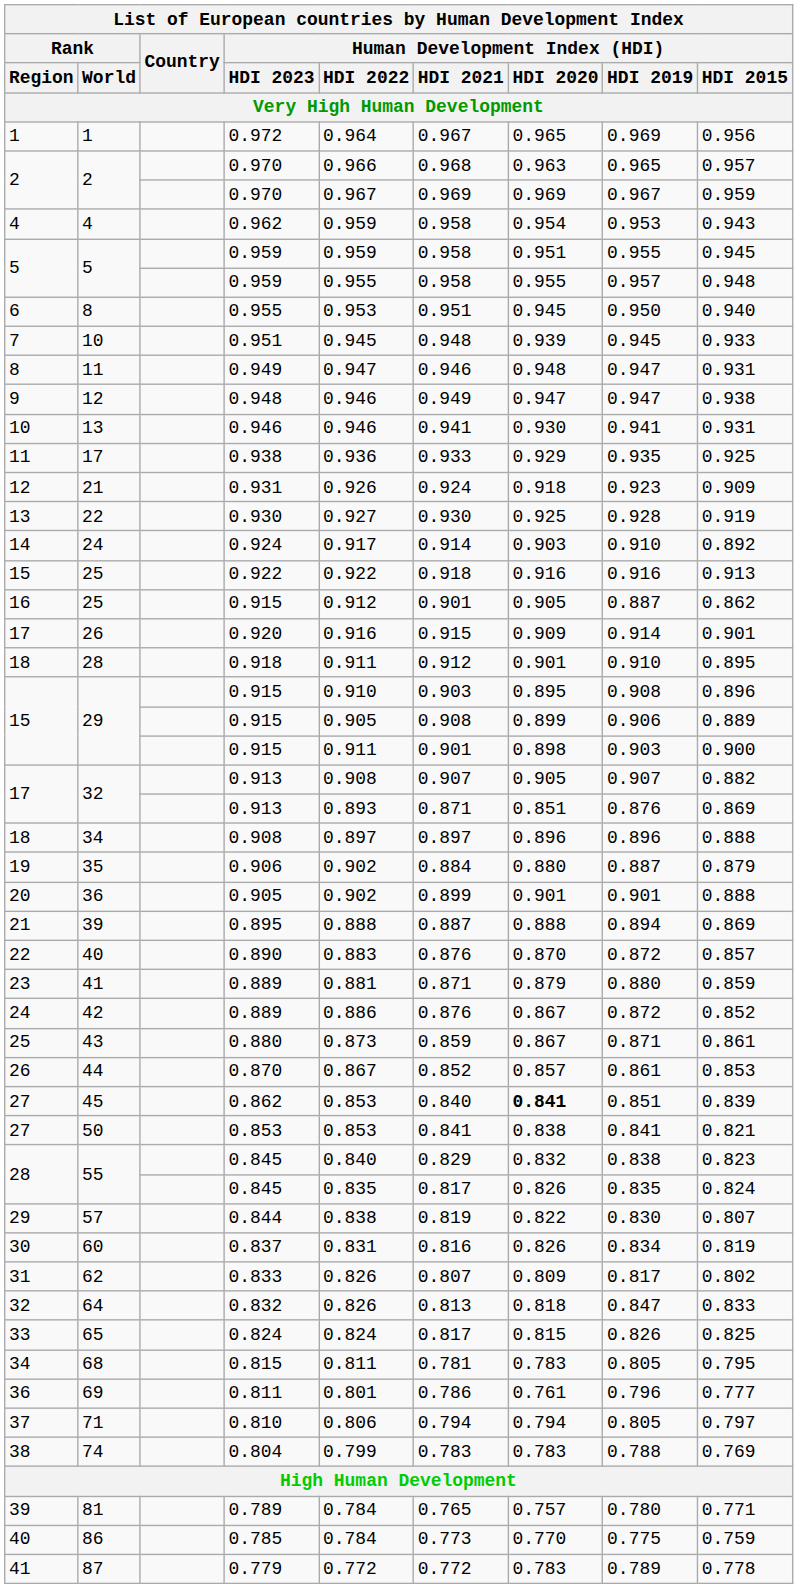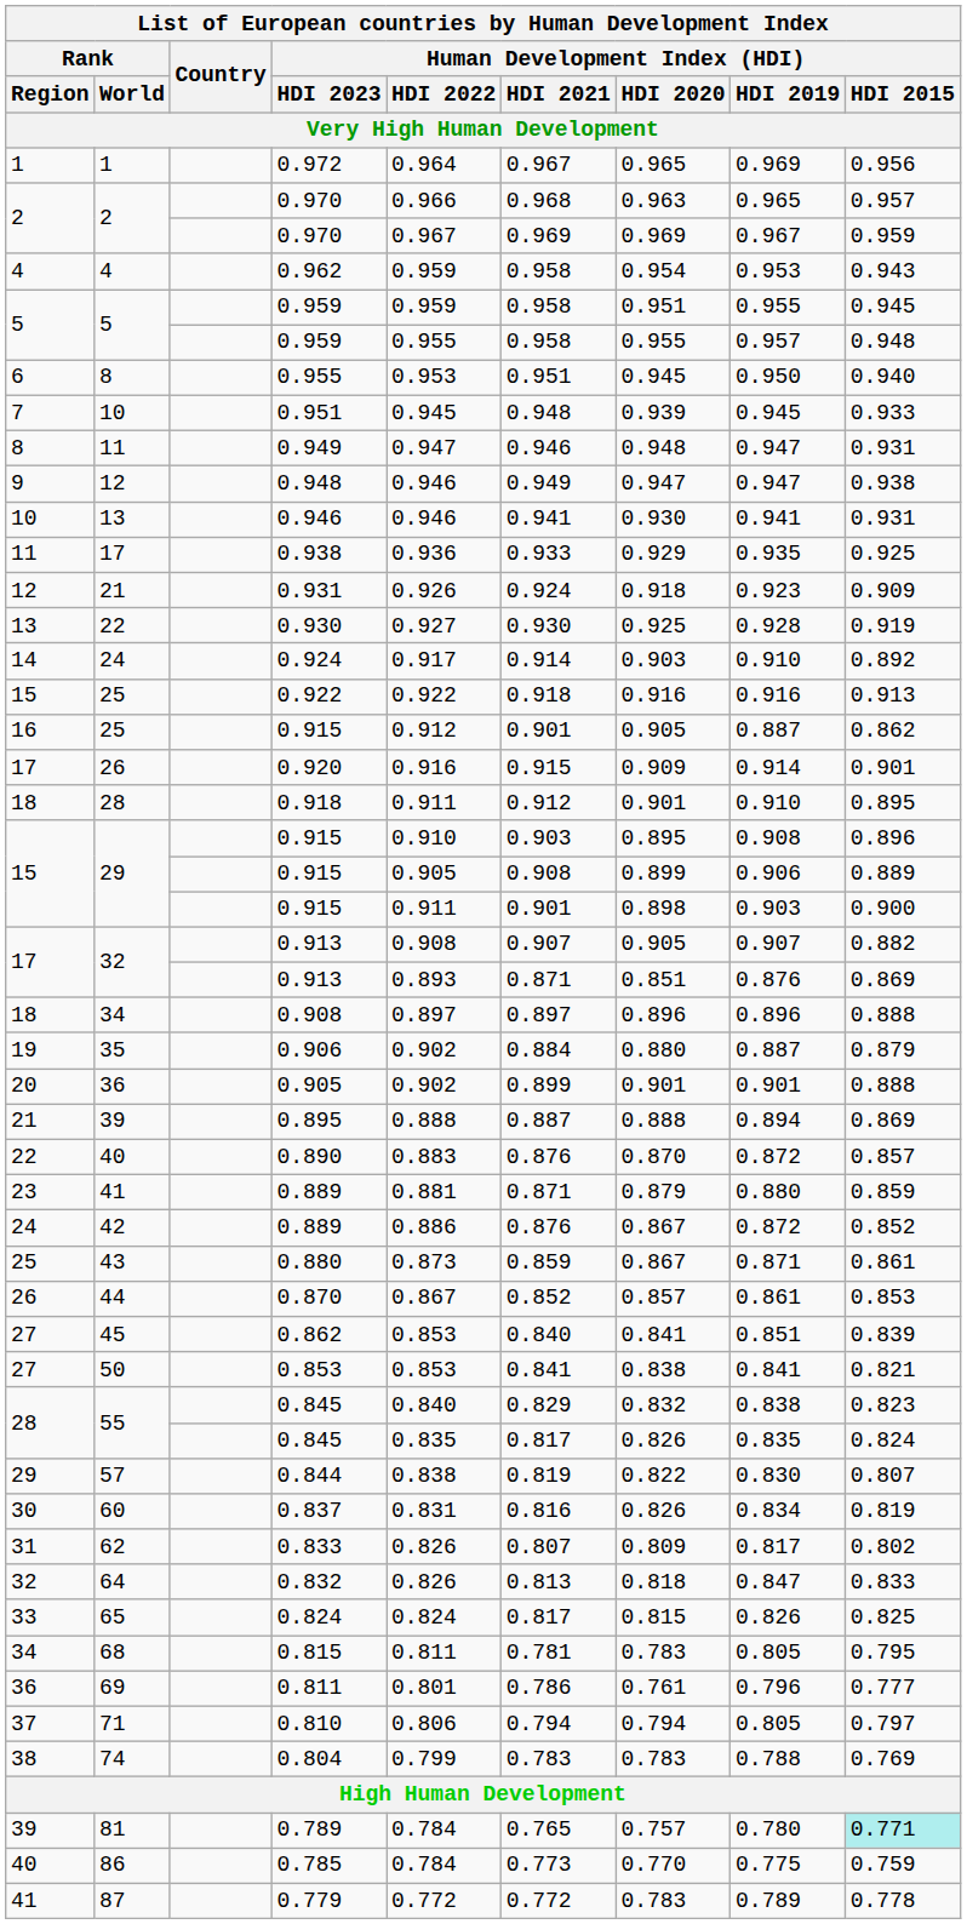 <table class="wikitable sortable">
 <tr>
 <th colspan="9">List of European countries by Human Development Index</th>
 </tr>
 <tr>
 <th colspan="2">Rank</th>
 <th rowspan="2">Country</th>
 <th colspan="6">Human Development  Index (HDI)</th>
 </tr>
 <tr>
 <th>Region</th>
 <th>World</th>
 <th>HDI 2023</th>
 <th>HDI 2022</th>
 <th>HDI 2021</th>
 <th>HDI 2020</th>
 <th>HDI 2019</th>
 <th>HDI 2015</th>
 </tr>
 <tr>
 <th colspan="9" style="color:#090;">Very High Human Development</th>
 </tr>
 <tr>
 <td>1</td>
 <td>1</td>
 <td></td>
 <td>0.972</td>
 <td>0.964</td>
 <td>0.967</td>
 <td>0.965</td>
 <td>0.969</td>
 <td>0.956</td>
 </tr>
 <tr>
 <td rowspan="2">2</td>
 <td rowspan="2">2</td>
 <td></td>
 <td>0.970</td>
 <td>0.966</td>
 <td>0.968</td>
 <td>0.963</td>
 <td>0.965</td>
 <td>0.957</td>
 </tr>
 <tr>
 <td></td>
 <td>0.970</td>
 <td>0.967</td>
 <td>0.969</td>
 <td>0.969</td>
 <td>0.967</td>
 <td>0.959</td>
 </tr>
 <tr>
 <td>4</td>
 <td>4</td>
 <td></td>
 <td>0.962</td>
 <td>0.959</td>
 <td>0.958</td>
 <td>0.954</td>
 <td>0.953</td>
 <td>0.943</td>
 </tr>
 <tr>
 <td rowspan="2">5</td>
 <td rowspan="2">5</td>
 <td></td>
 <td>0.959</td>
 <td>0.959</td>
 <td>0.958</td>
 <td>0.951</td>
 <td>0.955</td>
 <td>0.945</td>
 </tr>
 <tr>
 <td></td>
 <td>0.959</td>
 <td>0.955</td>
 <td>0.958</td>
 <td>0.955</td>
 <td>0.957</td>
 <td>0.948</td>
 </tr>
 <tr>
 <td>6</td>
 <td>8</td>
 <td></td>
 <td>0.955</td>
 <td>0.953</td>
 <td>0.951</td>
 <td>0.945</td>
 <td>0.950</td>
 <td>0.940</td>
 </tr>
 <tr>
 <td>7</td>
 <td>10</td>
 <td></td>
 <td>0.951</td>
 <td>0.945</td>
 <td>0.948</td>
 <td>0.939</td>
 <td>0.945</td>
 <td>0.933</td>
 </tr>
 <tr>
 <td>8</td>
 <td>11</td>
 <td></td>
 <td>0.949</td>
 <td>0.947</td>
 <td>0.946</td>
 <td>0.948</td>
 <td>0.947</td>
 <td>0.931</td>
 </tr>
 <tr>
 <td>9</td>
 <td>12</td>
 <td></td>
 <td>0.948</td>
 <td>0.946</td>
 <td>0.949</td>
 <td>0.947</td>
 <td>0.947</td>
 <td>0.938</td>
 </tr>
 <tr>
 <td>10</td>
 <td>13</td>
 <td></td>
 <td>0.946</td>
 <td>0.946</td>
 <td>0.941</td>
 <td>0.930</td>
 <td>0.941</td>
 <td>0.931</td>
 </tr>
 <tr>
 <td>11</td>
 <td>17</td>
 <td></td>
 <td>0.938</td>
 <td>0.936</td>
 <td>0.933</td>
 <td>0.929</td>
 <td>0.935</td>
 <td>0.925</td>
 </tr>
 <tr>
 <td>12</td>
 <td>21</td>
 <td></td>
 <td>0.931</td>
 <td>0.926</td>
 <td>0.924</td>
 <td>0.918</td>
 <td>0.923</td>
 <td>0.909</td>
 </tr>
 <tr>
 <td>13</td>
 <td>22</td>
 <td></td>
 <td>0.930</td>
 <td>0.927</td>
 <td>0.930</td>
 <td>0.925</td>
 <td>0.928</td>
 <td>0.919</td>
 </tr>
 <tr>
 <td>14</td>
 <td>24</td>
 <td></td>
 <td>0.924</td>
 <td>0.917</td>
 <td>0.914</td>
 <td>0.903</td>
 <td>0.910</td>
 <td>0.892</td>
 </tr>
 <tr>
 <td>15</td>
 <td>25</td>
 <td></td>
 <td>0.922</td>
 <td>0.922</td>
 <td>0.918</td>
 <td>0.916</td>
 <td>0.916</td>
 <td>0.913</td>
 </tr>
 <tr>
 <td>16</td>
 <td>25</td>
 <td></td>
 <td>0.915</td>
 <td>0.912</td>
 <td>0.901</td>
 <td>0.905</td>
 <td>0.887</td>
 <td>0.862</td>
 </tr>
 <tr>
 <td>17</td>
 <td>26</td>
 <td></td>
 <td>0.920</td>
 <td>0.916</td>
 <td>0.915</td>
 <td>0.909</td>
 <td>0.914</td>
 <td>0.901</td>
 </tr>
 <tr>
 <td>18</td>
 <td>28</td>
 <td></td>
 <td>0.918</td>
 <td>0.911</td>
 <td>0.912</td>
 <td>0.901</td>
 <td>0.910</td>
 <td>0.895</td>
 </tr>
 <tr>
 <td rowspan="3">15</td>
 <td rowspan="3">29</td>
 <td></td>
 <td>0.915</td>
 <td>0.910</td>
 <td>0.903</td>
 <td>0.895</td>
 <td>0.908</td>
 <td>0.896</td>
 </tr>
 <tr>
 <td></td>
 <td>0.915</td>
 <td>0.905</td>
 <td>0.908</td>
 <td>0.899</td>
 <td>0.906</td>
 <td>0.889</td>
 </tr>
 <tr>
 <td></td>
 <td>0.915</td>
 <td>0.911</td>
 <td>0.901</td>
 <td>0.898</td>
 <td>0.903</td>
 <td>0.900</td>
 </tr>
 <tr>
 <td rowspan="2">17</td>
 <td rowspan="2">32</td>
 <td><em></em></td>
 <td>0.913</td>
 <td>0.908</td>
 <td>0.907</td>
 <td>0.905</td>
 <td>0.907</td>
 <td>0.882</td>
 </tr>
 <tr>
 <td></td>
 <td>0.913</td>
 <td>0.893</td>
 <td>0.871</td>
 <td>0.851</td>
 <td>0.876</td>
 <td>0.869</td>
 </tr>
 <tr>
 <td>18</td>
 <td>34</td>
 <td></td>
 <td>0.908</td>
 <td>0.897</td>
 <td>0.897</td>
 <td>0.896</td>
 <td>0.896</td>
 <td>0.888</td>
 </tr>
 <tr>
 <td>19</td>
 <td>35</td>
 <td></td>
 <td>0.906</td>
 <td>0.902</td>
 <td>0.884</td>
 <td>0.880</td>
 <td>0.887</td>
 <td>0.879</td>
 </tr>
 <tr>
 <td>20</td>
 <td>36</td>
 <td></td>
 <td>0.905</td>
 <td>0.902</td>
 <td>0.899</td>
 <td>0.901</td>
 <td>0.901</td>
 <td>0.888</td>
 </tr>
 <tr>
 <td>21</td>
 <td>39</td>
 <td></td>
 <td>0.895</td>
 <td>0.888</td>
 <td>0.887</td>
 <td>0.888</td>
 <td>0.894</td>
 <td>0.869</td>
 </tr>
 <tr>
 <td>22</td>
 <td>40</td>
 <td></td>
 <td>0.890</td>
 <td>0.883</td>
 <td>0.876</td>
 <td>0.870</td>
 <td>0.872</td>
 <td>0.857</td>
 </tr>
 <tr>
 <td>23</td>
 <td>41</td>
 <td></td>
 <td>0.889</td>
 <td>0.881</td>
 <td>0.871</td>
 <td>0.879</td>
 <td>0.880</td>
 <td>0.859</td>
 </tr>
 <tr>
 <td>24</td>
 <td>42</td>
 <td></td>
 <td>0.889</td>
 <td>0.886</td>
 <td>0.876</td>
 <td>0.867</td>
 <td>0.872</td>
 <td>0.852</td>
 </tr>
 <tr>
 <td>25</td>
 <td>43</td>
 <td></td>
 <td>0.880</td>
 <td>0.873</td>
 <td>0.859</td>
 <td>0.867</td>
 <td>0.871</td>
 <td>0.861</td>
 </tr>
 <tr>
 <td>26</td>
 <td>44</td>
 <td></td>
 <td>0.870</td>
 <td>0.867</td>
 <td>0.852</td>
 <td>0.857</td>
 <td>0.861</td>
 <td>0.853</td>
 </tr>
 <tr>
 <td>27</td>
 <td>45</td>
 <td></td>
 <td>0.862</td>
 <td>0.853</td>
 <td>0.840</td>
-<td><strong>0.841</strong></td>
+<td>0.841</td>
 <td>0.851</td>
 <td>0.839</td>
 </tr>
 <tr>
 <td>27</td>
 <td>50</td>
 <td><em></em></td>
 <td>0.853</td>
 <td>0.853</td>
 <td>0.841</td>
 <td>0.838</td>
 <td>0.841</td>
 <td>0.821</td>
 </tr>
 <tr>
 <td rowspan="2">28</td>
 <td rowspan="2">55</td>
 <td></td>
 <td>0.845</td>
 <td>0.840</td>
 <td>0.829</td>
 <td>0.832</td>
 <td>0.838</td>
 <td>0.823</td>
 </tr>
 <tr>
 <td></td>
 <td>0.845</td>
 <td>0.835</td>
 <td>0.817</td>
 <td>0.826</td>
 <td>0.835</td>
 <td>0.824</td>
 </tr>
 <tr>
 <td>29</td>
 <td>57</td>
 <td></td>
 <td>0.844</td>
 <td>0.838</td>
 <td>0.819</td>
 <td>0.822</td>
 <td>0.830</td>
 <td>0.807</td>
 </tr>
 <tr>
 <td>30</td>
 <td>60</td>
 <td><em></em></td>
 <td>0.837</td>
 <td>0.831</td>
 <td>0.816</td>
 <td>0.826</td>
 <td>0.834</td>
 <td>0.819</td>
 </tr>
 <tr>
 <td>31</td>
 <td>62</td>
 <td></td>
 <td>0.833</td>
 <td>0.826</td>
 <td>0.807</td>
 <td>0.809</td>
 <td>0.817</td>
 <td>0.802</td>
 </tr>
 <tr>
 <td>32</td>
 <td>64</td>
 <td></td>
 <td>0.832</td>
 <td>0.826</td>
 <td>0.813</td>
 <td>0.818</td>
 <td>0.847</td>
 <td>0.833</td>
 </tr>
 <tr>
 <td>33</td>
 <td>65</td>
 <td></td>
 <td>0.824</td>
 <td>0.824</td>
 <td>0.817</td>
 <td>0.815</td>
 <td>0.826</td>
 <td>0.825</td>
 </tr>
 <tr>
 <td>34</td>
 <td>68</td>
 <td></td>
 <td>0.815</td>
 <td>0.811</td>
 <td>0.781</td>
 <td>0.783</td>
 <td>0.805</td>
 <td>0.795</td>
 </tr>
 <tr>
 <td>36</td>
 <td>69</td>
 <td><em></em></td>
 <td>0.811</td>
 <td>0.801</td>
 <td>0.786</td>
 <td>0.761</td>
 <td>0.796</td>
 <td>0.777</td>
 </tr>
 <tr>
 <td>37</td>
 <td>71</td>
 <td></td>
 <td>0.810</td>
 <td>0.806</td>
 <td>0.794</td>
 <td>0.794</td>
 <td>0.805</td>
 <td>0.797</td>
 </tr>
 <tr>
 <td>38</td>
 <td>74</td>
 <td></td>
 <td>0.804</td>
 <td>0.799</td>
 <td>0.783</td>
 <td>0.783</td>
 <td>0.788</td>
 <td>0.769</td>
 </tr>
 <tr>
 <th colspan="9" style="color:#0c0;">High Human Development</th>
 </tr>
 <tr>
 <td>39</td>
 <td>81</td>
 <td><em></em></td>
 <td>0.789</td>
 <td>0.784</td>
 <td>0.765</td>
 <td>0.757</td>
 <td>0.780</td>
-<td>0.771</td>
+<td style="background: paleturquoise;">0.771</td>
 </tr>
 <tr>
 <td>40</td>
 <td>86</td>
 <td></td>
 <td>0.785</td>
 <td>0.784</td>
 <td>0.773</td>
 <td>0.770</td>
 <td>0.775</td>
 <td>0.759</td>
 </tr>
 <tr>
 <td>41</td>
 <td>87</td>
 <td></td>
 <td>0.779</td>
 <td>0.772</td>
 <td>0.772</td>
 <td>0.783</td>
 <td>0.789</td>
 <td>0.778</td>
 </tr>
 </table>
